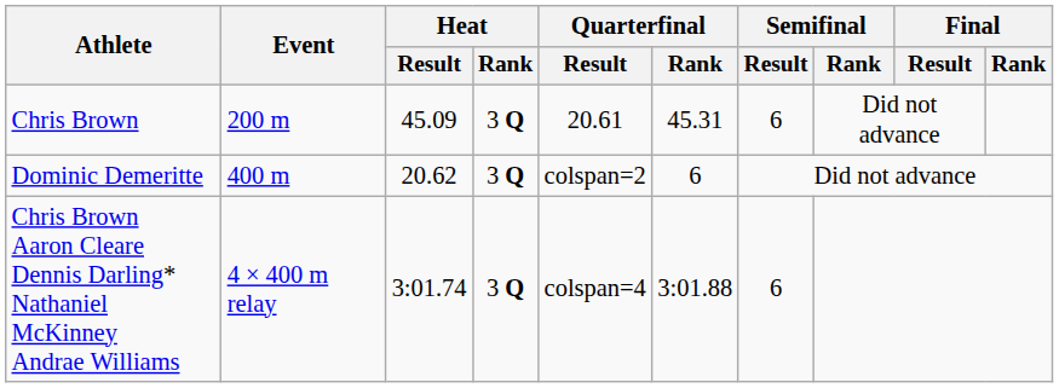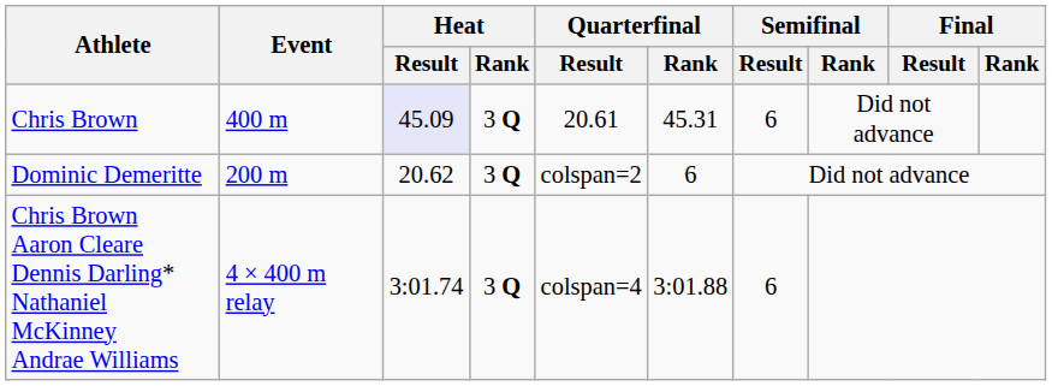 <table class="wikitable" style="font-size:90%">
 <tr>
 <th rowspan="2">Athlete</th>
 <th rowspan="2">Event</th>
 <th colspan="2">Heat</th>
 <th colspan="2">Quarterfinal</th>
 <th colspan="2">Semifinal</th>
 <th colspan="2">Final</th>
 </tr>
 <tr style="font-size:95%">
 <th>Result</th>
 <th>Rank</th>
 <th>Result</th>
 <th>Rank</th>
 <th>Result</th>
 <th>Rank</th>
 <th>Result</th>
 <th>Rank</th>
 </tr>
 <tr align=center>
 <td align=left><a href='#'>Chris Brown</a></td>
-<td align=left><a href='#'>200 m</a></td>
-<td>45.09</td>
+<td align=left><a href='#'>400 m</a></td>
+<td style="background: lavender;">45.09</td>
 <td>3 <strong>Q</strong></td>
 <td>20.61</td>
 <td>45.31</td>
 <td>6</td>
 <td colspan=2>Did not advance</td>
 </tr>
 <tr align=center>
 <td align=left><a href='#'>Dominic Demeritte</a></td>
-<td align=left><a href='#'>400 m</a></td>
+<td align=left><a href='#'>200 m</a></td>
 <td>20.62</td>
 <td>3 <strong>Q</strong></td>
 <td>colspan=2 </td>
 <td>6</td>
 <td colspan=4>Did not advance</td>
 </tr>
 <tr align=center>
 <td align=left><a href='#'>Chris Brown</a><br><a href='#'>Aaron Cleare</a><br><a href='#'>Dennis Darling</a>*<br><a href='#'>Nathaniel McKinney</a><br><a href='#'>Andrae Williams</a></td>
 <td align=left><a href='#'>4 × 400 m relay</a></td>
 <td>3:01.74</td>
 <td>3 <strong>Q</strong></td>
 <td>colspan=4 </td>
 <td>3:01.88</td>
 <td>6</td>
 </tr>
 </table>
